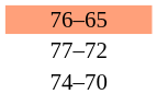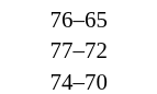 <table style="text-align:center">
 <tr>
 <th width=200></th>
 <th width=100></th>
 <th width=200></th>
 <th></th>
 </tr>
 <tr>
 <td align=right><strong></strong></td>
-<td style="background: lightsalmon;">76–65</td>
+<td>76–65</td>
 <td align=left></td>
 </tr>
 <tr>
 <td align=right><strong></strong></td>
 <td>77–72</td>
 <td align=left></td>
 </tr>
 <tr>
 <td align=right><strong></strong></td>
 <td>74–70</td>
 <td align=left></td>
 </tr>
 </table>
